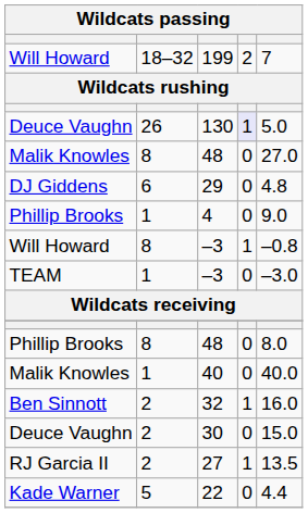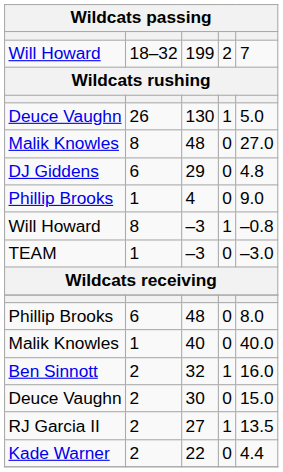 <table class="wikitable plainrowheaders">
 <tr>
 <th colspan="6">Wildcats passing</th>
 </tr>
 <tr>
 <th scope="col"></th>
 <th scope="col"></th>
 <th scope="col"></th>
 <th scope="col"></th>
 <th scope="col"></th>
 </tr>
 <tr>
 <td><a href='#'>Will Howard</a></td>
 <td>18–32</td>
 <td>199</td>
 <td>2</td>
 <td>7</td>
 </tr>
 <tr>
 <th colspan="6">Wildcats rushing</th>
 </tr>
 <tr>
 <th scope="col"></th>
 <th scope="col"></th>
 <th scope="col"></th>
 <th scope="col"></th>
 <th scope="col"></th>
 </tr>
 <tr>
 <td><a href='#'>Deuce Vaughn</a></td>
 <td>26</td>
 <td>130</td>
-<td style="background: lavender;">1</td>
+<td>1</td>
 <td>5.0</td>
 </tr>
 <tr>
 <td><a href='#'>Malik Knowles</a></td>
 <td>8</td>
 <td>48</td>
 <td>0</td>
 <td>27.0</td>
 </tr>
 <tr>
 <td><a href='#'>DJ Giddens</a></td>
 <td>6</td>
 <td>29</td>
 <td>0</td>
 <td>4.8</td>
 </tr>
 <tr>
 <td><a href='#'>Phillip Brooks</a></td>
 <td>1</td>
 <td>4</td>
 <td>0</td>
 <td>9.0</td>
 </tr>
 <tr>
 <td>Will Howard</td>
 <td>8</td>
 <td>–3</td>
 <td>1</td>
 <td>–0.8</td>
 </tr>
 <tr>
 <td>TEAM</td>
 <td>1</td>
 <td>–3</td>
 <td>0</td>
 <td>–3.0</td>
 </tr>
 <tr>
 <th colspan="6">Wildcats receiving</th>
 </tr>
 <tr>
 </tr>
 <tr>
 <th scope="col"></th>
 <th scope="col"></th>
 <th scope="col"></th>
 <th scope="col"></th>
 <th scope="col"></th>
 </tr>
 <tr>
 <td>Phillip Brooks</td>
-<td>8</td>
+<td>6</td>
 <td>48</td>
 <td>0</td>
 <td>8.0</td>
 </tr>
 <tr>
 <td>Malik Knowles</td>
 <td>1</td>
 <td>40</td>
 <td>0</td>
 <td>40.0</td>
 </tr>
 <tr>
 <td><a href='#'>Ben Sinnott</a></td>
 <td>2</td>
 <td>32</td>
 <td>1</td>
 <td>16.0</td>
 </tr>
 <tr>
 <td>Deuce Vaughn</td>
 <td>2</td>
 <td>30</td>
 <td>0</td>
 <td>15.0</td>
 </tr>
 <tr>
 <td>RJ Garcia II</td>
 <td>2</td>
 <td>27</td>
 <td>1</td>
 <td>13.5</td>
 </tr>
 <tr>
 <td><a href='#'>Kade Warner</a></td>
-<td>5</td>
+<td>2</td>
 <td>22</td>
 <td>0</td>
 <td>4.4</td>
 </tr>
 <tr>
 </tr>
 </table>
